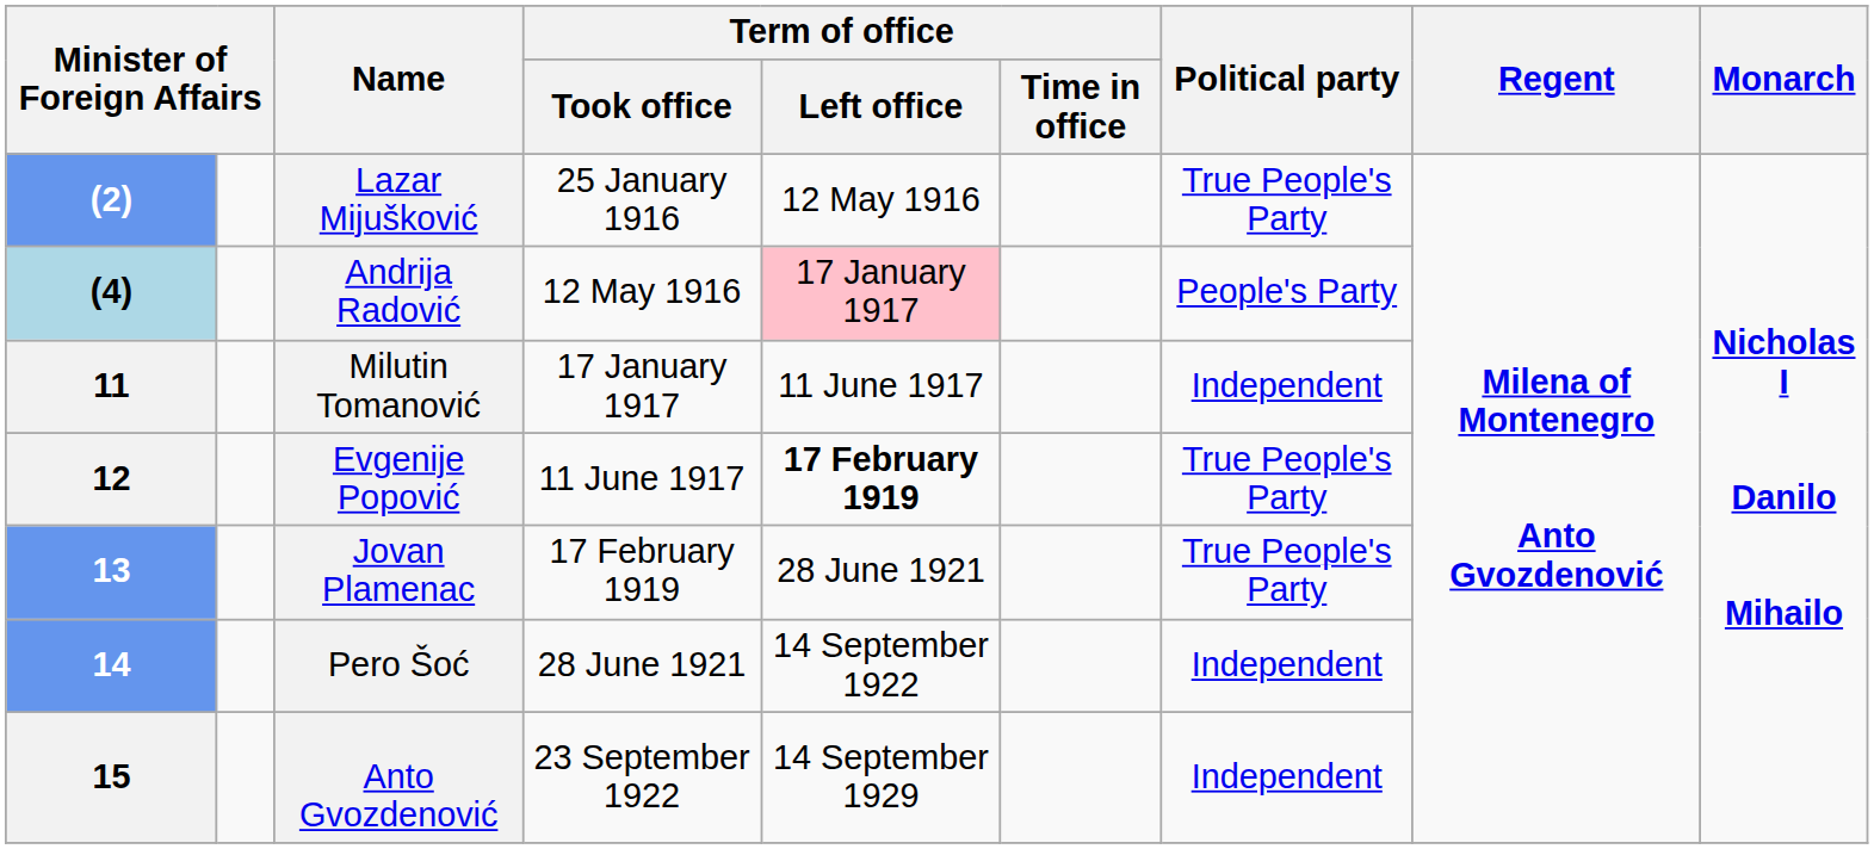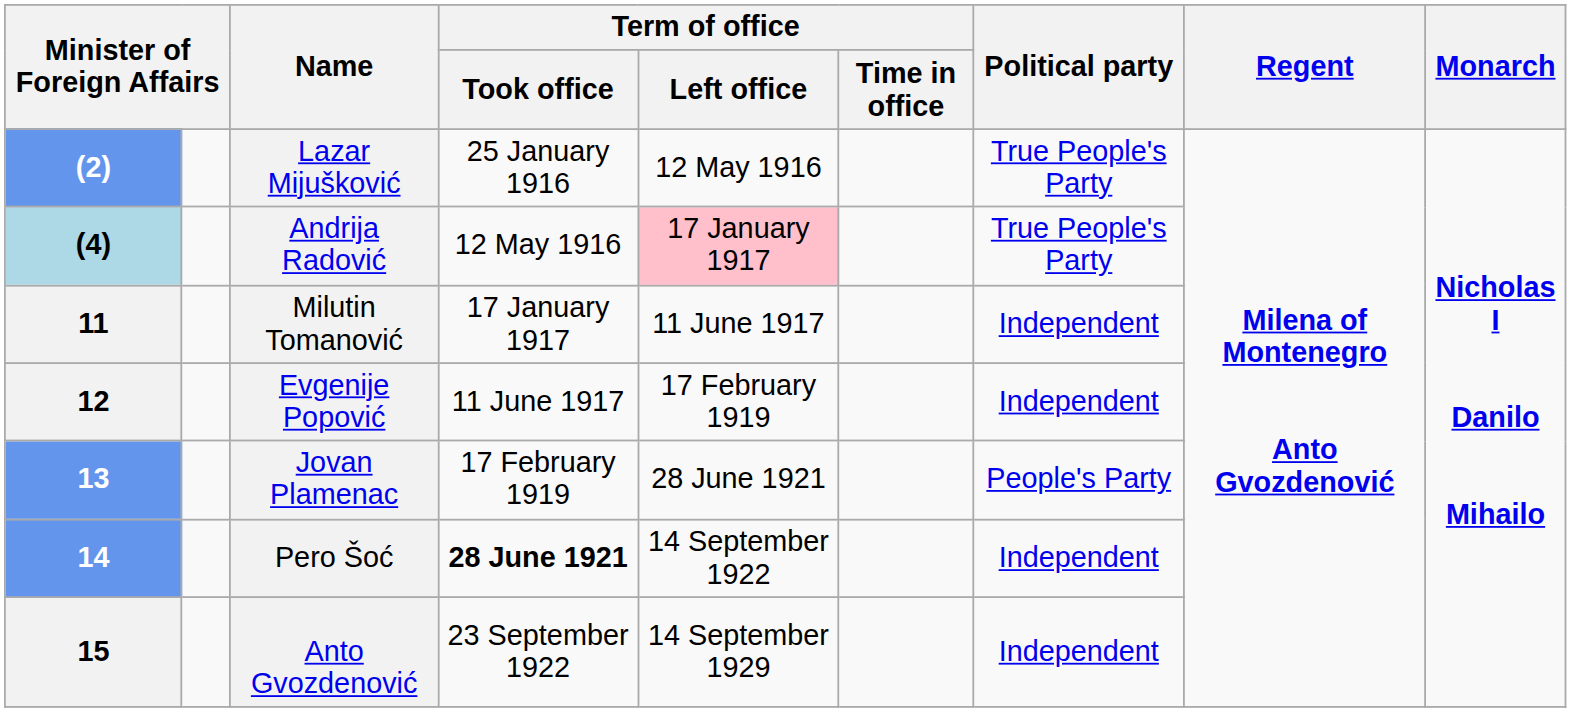 <table class="wikitable" style="text-align:center; margin-bottom:0">
 <tr>
 <th colspan="2" rowspan="2">Minister of Foreign Affairs</th>
 <th rowspan="2">Name<br></th>
 <th colspan="3">Term of office</th>
 <th rowspan="2">Political party</th>
 <th rowspan="2"><a href='#'>Regent</a></th>
 <th colspan="2" rowspan="2"><a href='#'>Monarch</a></th>
 </tr>
 <tr>
 <th>Took office</th>
 <th>Left office</th>
 <th>Time in office</th>
 </tr>
 <tr>
 <th style="background:#6495ED; color:white;">(2)</th>
 <td></td>
 <th scope="row" style="font-weight:normal;"><a href='#'>Lazar Mijušković</a><br></th>
 <td>25 January 1916</td>
 <td>12 May 1916</td>
 <td></td>
 <td><a href='#'>True People's Party</a></td>
 <td rowspan="7"><strong><a href='#'>Milena of Montenegro</a></strong> <br><br><br><strong><a href='#'>Anto Gvozdenović</a></strong><br><br></td>
 <td rowspan="7"><strong><a href='#'>Nicholas I</a></strong><br><br><br><strong><a href='#'>Danilo</a></strong><br><br><br><strong><a href='#'>Mihailo</a></strong><br><br></td>
 </tr>
 <tr>
 <th style="background:#ADD8E6;">(4)</th>
 <td></td>
 <th scope="row" style="font-weight:normal;"><a href='#'>Andrija Radović</a><br></th>
 <td>12 May 1916</td>
 <td style="background: pink;">17 January 1917</td>
 <td></td>
-<td><a href='#'>People's Party</a></td>
+<td><a href='#'>True People's Party</a></td>
 </tr>
 <tr>
 <th style="background:">11</th>
 <td></td>
 <th scope="row" style="font-weight:normal;">Milutin Tomanović</th>
 <td>17 January 1917</td>
 <td>11 June 1917</td>
 <td></td>
 <td><a href='#'>Independent</a></td>
 </tr>
 <tr>
 <th style="background:">12</th>
 <td></td>
 <th scope="row" style="font-weight:normal;"><a href='#'>Evgenije Popović</a><br></th>
 <td>11 June 1917</td>
-<td><strong>17 February 1919</strong></td>
+<td>17 February 1919</td>
 <td></td>
-<td><a href='#'>True People's Party</a></td>
+<td><a href='#'>Independent</a></td>
 </tr>
 <tr>
 <th style="background:#6495ED; color:white;">13</th>
 <td></td>
 <th scope="row" style="font-weight:normal;"><a href='#'>Jovan Plamenac</a><br></th>
 <td>17 February 1919</td>
 <td>28 June 1921</td>
 <td></td>
-<td><a href='#'>True People's Party</a></td>
+<td><a href='#'>People's Party</a></td>
 </tr>
 <tr>
 <th style="background:#6495ED; color:white;">14</th>
 <td></td>
 <th scope="row" style="font-weight:normal;">Pero Šoć<br></th>
-<td>28 June 1921</td>
+<td><strong>28 June 1921</strong></td>
 <td>14 September 1922</td>
 <td></td>
 <td><a href='#'>Independent</a></td>
 </tr>
 <tr>
 <th style="background:">15</th>
 <td></td>
 <th scope="row" style="font-weight:normal;"><br><a href='#'>Anto Gvozdenović</a><br></th>
 <td>23 September 1922</td>
 <td>14 September 1929</td>
 <td></td>
 <td><a href='#'>Independent</a></td>
 </tr>
 </table>
